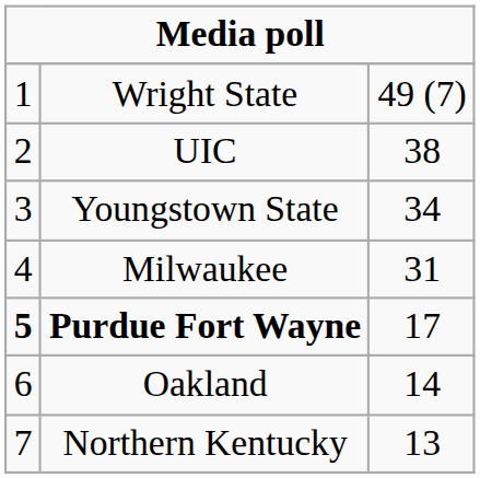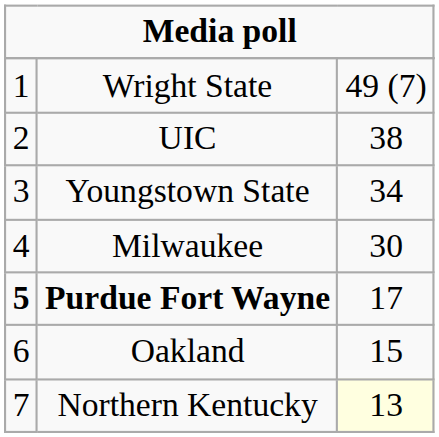 <table class="wikitable" style="display: inline-table;">
 <tr>
 <td align="center" Colspan="3"><strong>Media poll</strong></td>
 </tr>
 <tr align="center">
 </tr>
 <tr align="center">
 <td>1</td>
 <td>Wright State</td>
 <td>49 (7)</td>
 </tr>
 <tr align="center">
 <td>2</td>
 <td>UIC</td>
 <td>38</td>
 </tr>
 <tr align="center">
 <td>3</td>
 <td>Youngstown State</td>
 <td>34</td>
 </tr>
 <tr align="center">
 <td>4</td>
 <td>Milwaukee</td>
-<td>31</td>
+<td>30</td>
 </tr>
 <tr align="center">
 <td><strong>5</strong></td>
 <td><strong>Purdue Fort Wayne</strong></td>
 <td>17</td>
 </tr>
 <tr align="center">
 <td>6</td>
 <td>Oakland</td>
-<td>14</td>
+<td>15</td>
 </tr>
 <tr align="center">
 <td>7</td>
 <td>Northern Kentucky</td>
-<td>13</td>
+<td style="background: lightyellow;">13</td>
 </tr>
 </table>
